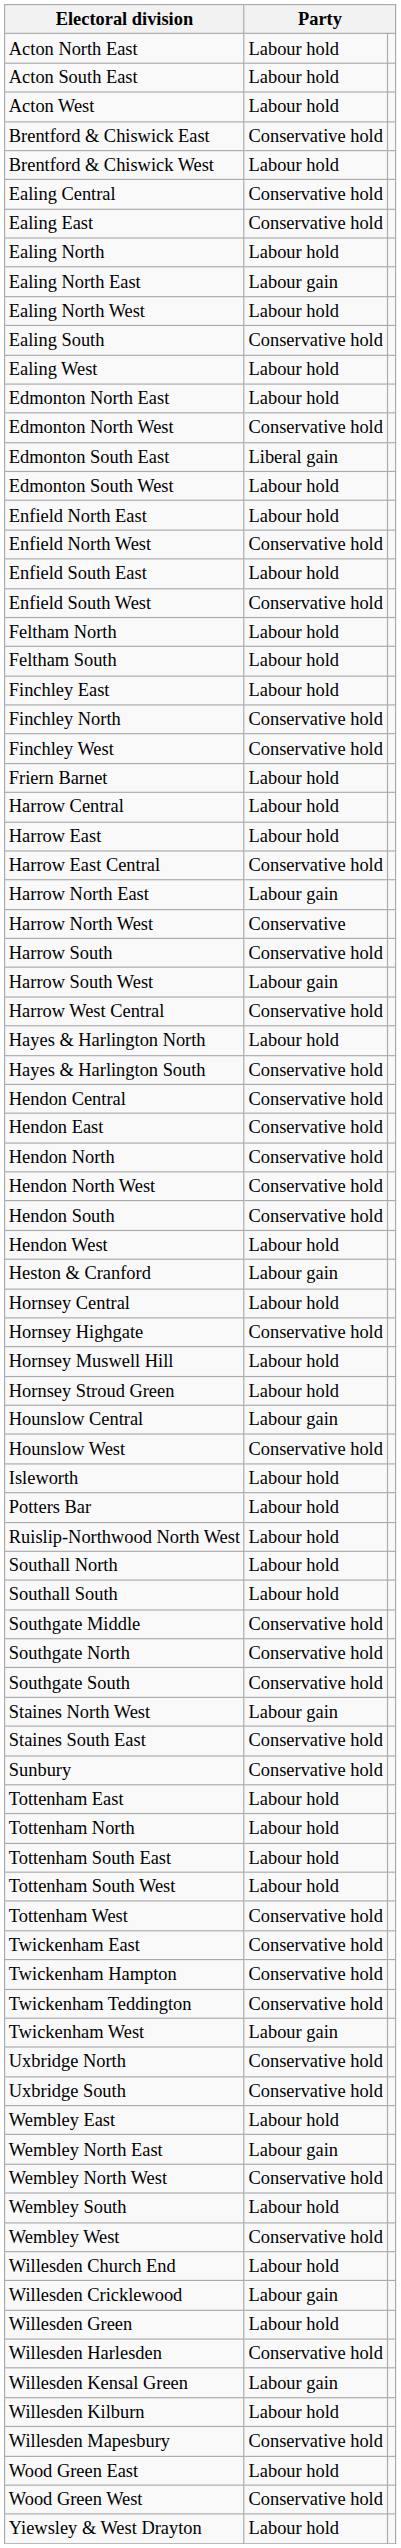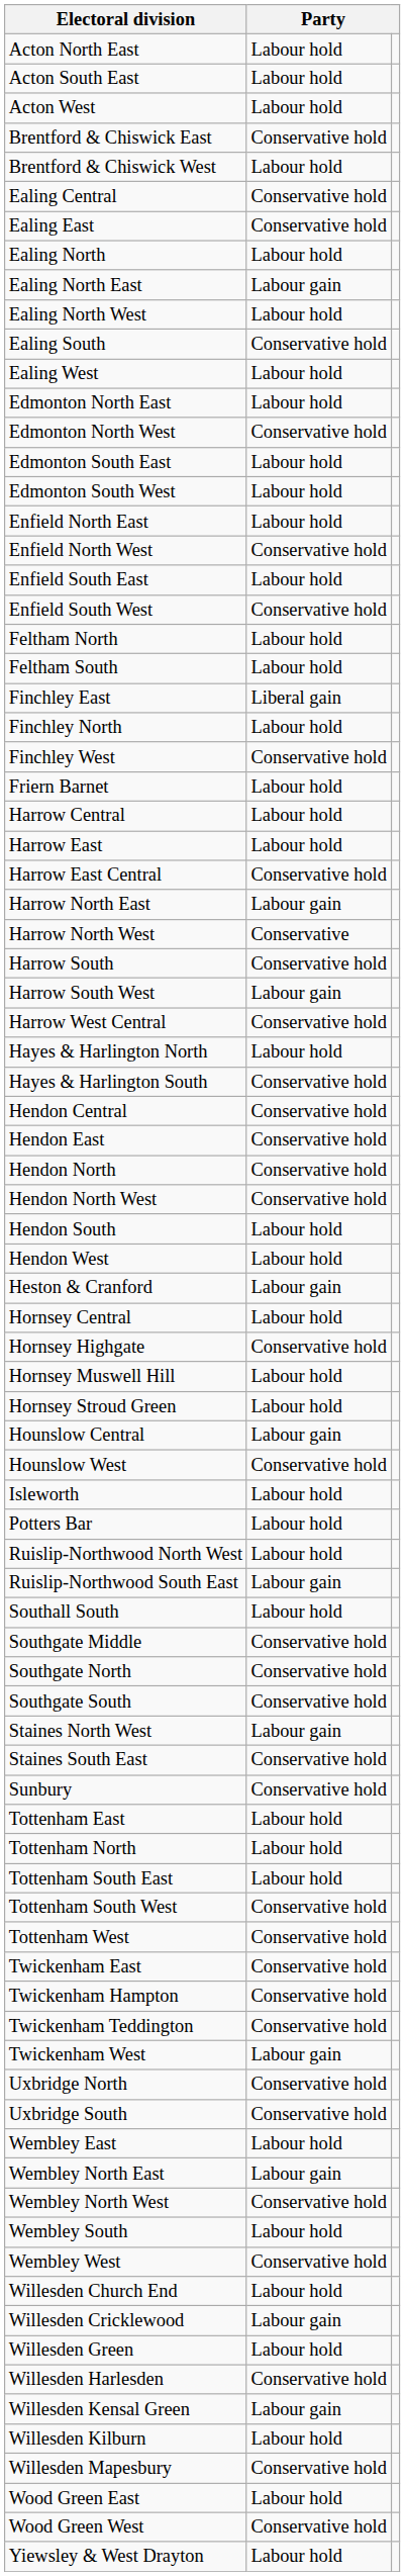 <table class="wikitable sortable mw-collapsible mw-collapsed"">
 <tr>
 <th>Electoral division</th>
 <th colspan="2">Party</th>
 </tr>
 <tr>
 <td>Acton North East</td>
 <td>Labour hold</td>
 <td style="background-color: "></td>
 </tr>
 <tr>
 <td>Acton South East</td>
 <td>Labour hold</td>
 <td style="background-color: "></td>
 </tr>
 <tr>
 <td>Acton West</td>
 <td>Labour hold</td>
 <td style="background-color: "></td>
 </tr>
 <tr>
 <td>Brentford & Chiswick East</td>
 <td>Conservative hold</td>
 <td style="background-color: "></td>
 </tr>
 <tr>
 <td>Brentford & Chiswick West</td>
 <td>Labour hold</td>
 <td style="background-color: "></td>
 </tr>
 <tr>
 <td>Ealing Central</td>
 <td>Conservative hold</td>
 <td style="background-color: "></td>
 </tr>
 <tr>
 <td>Ealing East</td>
 <td>Conservative hold</td>
 <td style="background-color: "></td>
 </tr>
 <tr>
 <td>Ealing North</td>
 <td>Labour hold</td>
 <td style="background-color: "></td>
 </tr>
 <tr>
 <td>Ealing North East</td>
 <td>Labour gain</td>
 <td style="background-color: "></td>
 </tr>
 <tr>
 <td>Ealing North West</td>
 <td>Labour hold</td>
 <td style="background-color: "></td>
 </tr>
 <tr>
 <td>Ealing South</td>
 <td>Conservative hold</td>
 <td style="background-color: "></td>
 </tr>
 <tr>
 <td>Ealing West</td>
 <td>Labour hold</td>
 <td style="background-color: "></td>
 </tr>
 <tr>
 <td>Edmonton North East</td>
 <td>Labour hold</td>
 <td style="background-color: "></td>
 </tr>
 <tr>
 <td>Edmonton North West</td>
 <td>Conservative hold</td>
 <td style="background-color: "></td>
 </tr>
 <tr>
 <td>Edmonton South East</td>
-<td>Liberal gain</td>
+<td>Labour hold</td>
 <td style="background-color: "></td>
 </tr>
 <tr>
 <td>Edmonton South West</td>
 <td>Labour hold</td>
 <td style="background-color: "></td>
 </tr>
 <tr>
 <td>Enfield North East</td>
 <td>Labour hold</td>
 <td style="background-color: "></td>
 </tr>
 <tr>
 <td>Enfield North West</td>
 <td>Conservative hold</td>
 <td style="background-color: "></td>
 </tr>
 <tr>
 <td>Enfield South East</td>
 <td>Labour hold</td>
 <td style="background-color: "></td>
 </tr>
 <tr>
 <td>Enfield South West</td>
 <td>Conservative hold</td>
 <td style="background-color: "></td>
 </tr>
 <tr>
 <td>Feltham North</td>
 <td>Labour hold</td>
 <td style="background-color: "></td>
 </tr>
 <tr>
 <td>Feltham South</td>
 <td>Labour hold</td>
 <td style="background-color: "></td>
 </tr>
 <tr>
 <td>Finchley East</td>
-<td>Labour hold</td>
+<td>Liberal gain</td>
 <td style="background-color: "></td>
 </tr>
 <tr>
 <td>Finchley North</td>
-<td>Conservative hold</td>
+<td>Labour hold</td>
 <td style="background-color: "></td>
 </tr>
 <tr>
 <td>Finchley West</td>
 <td>Conservative hold</td>
 <td style="background-color: "></td>
 </tr>
 <tr>
 <td>Friern Barnet</td>
 <td>Labour hold</td>
 <td style="background-color: "></td>
 </tr>
 <tr>
 <td>Harrow Central</td>
 <td>Labour hold</td>
 <td style="background-color: "></td>
 </tr>
 <tr>
 <td>Harrow East</td>
 <td>Labour hold</td>
 <td style="background-color: "></td>
 </tr>
 <tr>
 <td>Harrow East Central</td>
 <td>Conservative hold</td>
 <td style="background-color: "></td>
 </tr>
 <tr>
 <td>Harrow North East</td>
 <td>Labour gain</td>
 <td style="background-color: "></td>
 </tr>
 <tr>
 <td>Harrow North West</td>
 <td>Conservative</td>
 <td style="background-color: "></td>
 </tr>
 <tr>
 <td>Harrow South</td>
 <td>Conservative hold</td>
 <td style="background-color: "></td>
 </tr>
 <tr>
 <td>Harrow South West</td>
 <td>Labour gain</td>
 <td style="background-color: "></td>
 </tr>
 <tr>
 <td>Harrow West Central</td>
 <td>Conservative hold</td>
 <td style="background-color: "></td>
 </tr>
 <tr>
 <td>Hayes & Harlington North</td>
 <td>Labour hold</td>
 <td style="background-color: "></td>
 </tr>
 <tr>
 <td>Hayes & Harlington South</td>
 <td>Conservative hold</td>
 <td style="background-color: "></td>
 </tr>
 <tr>
 <td>Hendon Central</td>
 <td>Conservative hold</td>
 <td style="background-color: "></td>
 </tr>
 <tr>
 <td>Hendon East</td>
 <td>Conservative hold</td>
 <td style="background-color: "></td>
 </tr>
 <tr>
 <td>Hendon North</td>
 <td>Conservative hold</td>
 <td style="background-color: "></td>
 </tr>
 <tr>
 <td>Hendon North West</td>
 <td>Conservative hold</td>
 <td style="background-color: "></td>
 </tr>
 <tr>
 <td>Hendon South</td>
-<td>Conservative hold</td>
+<td>Labour hold</td>
 <td style="background-color: "></td>
 </tr>
 <tr>
 <td>Hendon West</td>
 <td>Labour hold</td>
 <td style="background-color: "></td>
 </tr>
 <tr>
 <td>Heston & Cranford</td>
 <td>Labour gain</td>
 <td style="background-color: "></td>
 </tr>
 <tr>
 <td>Hornsey Central</td>
 <td>Labour hold</td>
 <td style="background-color: "></td>
 </tr>
 <tr>
 <td>Hornsey Highgate</td>
 <td>Conservative hold</td>
 <td style="background-color: "></td>
 </tr>
 <tr>
 <td>Hornsey Muswell Hill</td>
 <td>Labour hold</td>
 <td style="background-color: "></td>
 </tr>
 <tr>
 <td>Hornsey Stroud Green</td>
 <td>Labour hold</td>
 <td style="background-color: "></td>
 </tr>
 <tr>
 <td>Hounslow Central</td>
 <td>Labour gain</td>
 <td style="background-color: "></td>
 </tr>
 <tr>
 <td>Hounslow West</td>
 <td>Conservative hold</td>
 <td style="background-color: "></td>
 </tr>
 <tr>
 <td>Isleworth</td>
 <td>Labour hold</td>
 <td style="background-color: "></td>
 </tr>
 <tr>
 <td>Potters Bar</td>
 <td>Labour hold</td>
 <td style="background-color: "></td>
 </tr>
 <tr>
 <td>Ruislip-Northwood North West</td>
 <td>Labour hold</td>
 <td style="background-color: "></td>
 </tr>
 <tr>
-<td>Southall North</td>
-<td>Labour hold</td>
+<td>Ruislip-Northwood South East</td>
+<td>Labour gain</td>
 <td style="background-color: "></td>
 </tr>
 <tr>
 <td>Southall South</td>
 <td>Labour hold</td>
 <td style="background-color: "></td>
 </tr>
 <tr>
 <td>Southgate Middle</td>
 <td>Conservative hold</td>
 <td style="background-color: "></td>
 </tr>
 <tr>
 <td>Southgate North</td>
 <td>Conservative hold</td>
 <td style="background-color: "></td>
 </tr>
 <tr>
 <td>Southgate South</td>
 <td>Conservative hold</td>
 <td style="background-color: "></td>
 </tr>
 <tr>
 <td>Staines North West</td>
 <td>Labour gain</td>
 <td style="background-color: "></td>
 </tr>
 <tr>
 <td>Staines South East</td>
 <td>Conservative hold</td>
 <td style="background-color: "></td>
 </tr>
 <tr>
 <td>Sunbury</td>
 <td>Conservative hold</td>
 <td style="background-color: "></td>
 </tr>
 <tr>
 <td>Tottenham East</td>
 <td>Labour hold</td>
 <td style="background-color: "></td>
 </tr>
 <tr>
 <td>Tottenham North</td>
 <td>Labour hold</td>
 <td style="background-color: "></td>
 </tr>
 <tr>
 <td>Tottenham South East</td>
 <td>Labour hold</td>
 <td style="background-color: "></td>
 </tr>
 <tr>
 <td>Tottenham South West</td>
-<td>Labour hold</td>
+<td>Conservative hold</td>
 <td style="background-color: "></td>
 </tr>
 <tr>
 <td>Tottenham West</td>
 <td>Conservative hold</td>
 <td style="background-color: "></td>
 </tr>
 <tr>
 <td>Twickenham East</td>
 <td>Conservative hold</td>
 <td style="background-color: "></td>
 </tr>
 <tr>
 <td>Twickenham Hampton</td>
 <td>Conservative hold</td>
 <td style="background-color: "></td>
 </tr>
 <tr>
 <td>Twickenham Teddington</td>
 <td>Conservative hold</td>
 <td style="background-color: "></td>
 </tr>
 <tr>
 <td>Twickenham West</td>
 <td>Labour gain</td>
 <td style="background-color: "></td>
 </tr>
 <tr>
 <td>Uxbridge North</td>
 <td>Conservative hold</td>
 <td style="background-color: "></td>
 </tr>
 <tr>
 <td>Uxbridge South</td>
 <td>Conservative hold</td>
 <td style="background-color: "></td>
 </tr>
 <tr>
 <td>Wembley East</td>
 <td>Labour hold</td>
 <td style="background-color: "></td>
 </tr>
 <tr>
 <td>Wembley North East</td>
 <td>Labour gain</td>
 <td style="background-color: "></td>
 </tr>
 <tr>
 <td>Wembley North West</td>
 <td>Conservative hold</td>
 <td style="background-color: "></td>
 </tr>
 <tr>
 <td>Wembley South</td>
 <td>Labour hold</td>
 <td style="background-color: "></td>
 </tr>
 <tr>
 <td>Wembley West</td>
 <td>Conservative hold</td>
 <td style="background-color: "></td>
 </tr>
 <tr>
 <td>Willesden Church End</td>
 <td>Labour hold</td>
 <td style="background-color: "></td>
 </tr>
 <tr>
 <td>Willesden Cricklewood</td>
 <td>Labour gain</td>
 <td style="background-color: "></td>
 </tr>
 <tr>
 <td>Willesden Green</td>
 <td>Labour hold</td>
 <td style="background-color: "></td>
 </tr>
 <tr>
 <td>Willesden Harlesden</td>
 <td>Conservative hold</td>
 <td style="background-color: "></td>
 </tr>
 <tr>
 <td>Willesden Kensal Green</td>
 <td>Labour gain</td>
 <td style="background-color: "></td>
 </tr>
 <tr>
 <td>Willesden Kilburn</td>
 <td>Labour hold</td>
 <td style="background-color: "></td>
 </tr>
 <tr>
 <td>Willesden Mapesbury</td>
 <td>Conservative hold</td>
 <td style="background-color: "></td>
 </tr>
 <tr>
 <td>Wood Green East</td>
 <td>Labour hold</td>
 <td style="background-color: "></td>
 </tr>
 <tr>
 <td>Wood Green West</td>
 <td>Conservative hold</td>
 <td style="background-color: "></td>
 </tr>
 <tr>
 <td>Yiewsley & West Drayton</td>
 <td>Labour hold</td>
 <td style="background-color: "></td>
 </tr>
 </table>
